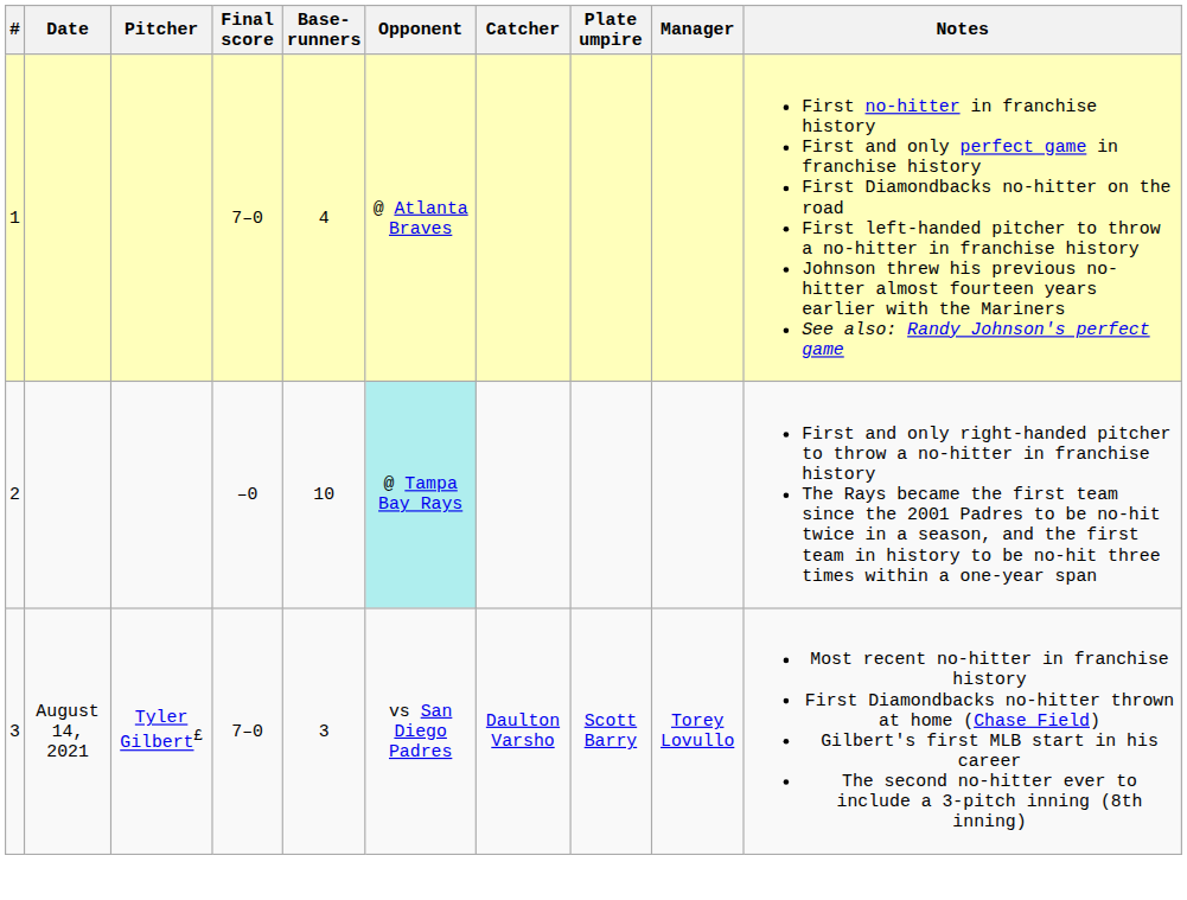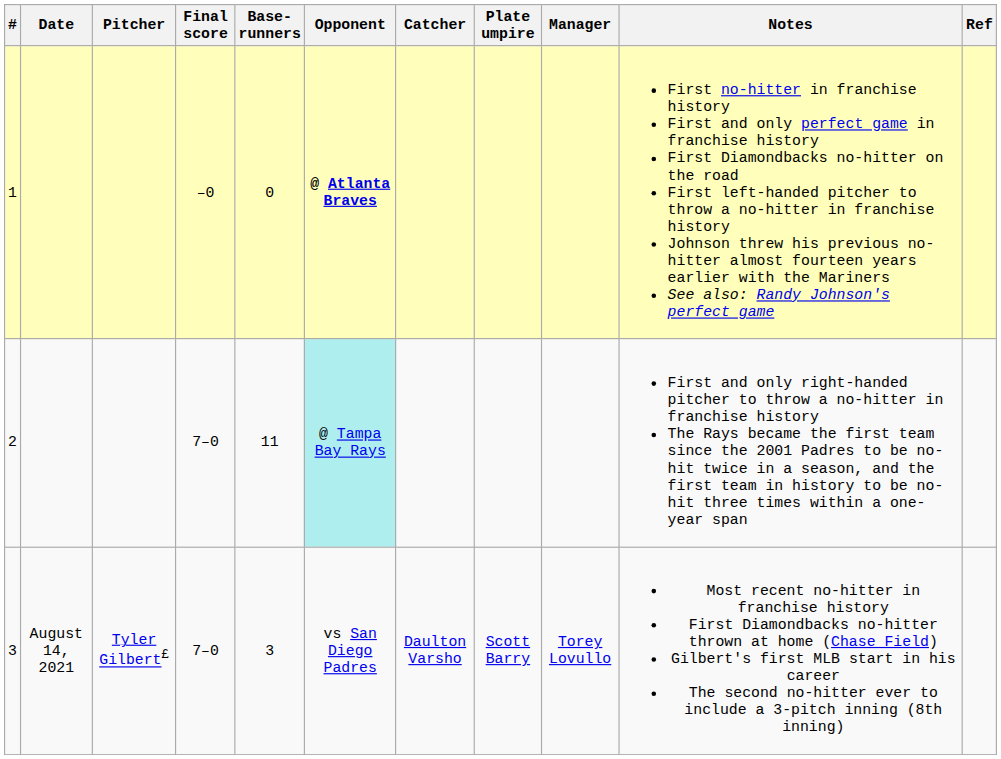 <table class="wikitable sortable" style="text-align:center" border="1">
 <tr>
 <th>#</th>
 <th>Date</th>
 <th>Pitcher</th>
 <th>Final score</th>
 <th>Base-<br>runners</th>
 <th>Opponent</th>
 <th>Catcher</th>
 <th>Plate umpire</th>
 <th>Manager</th>
 <th class="unsortable">Notes</th>
+<th class="unsortable">Ref</th>
 </tr>
 <tr bgcolor="ffffbb">
 <td>1</td>
 <td></td>
 <td></td>
-<td>7–0</td>
-<td>4</td>
-<td>@ <a href='#'>Atlanta Braves</a></td>
+<td>–0</td>
+<td>0</td>
+<td><strong>@ <a href='#'>Atlanta Braves</a></strong></td>
 <td></td>
 <td></td>
 <td></td>
 <td align="left"><br><ul><li>First <a href='#'>no-hitter</a> in franchise history</li><li>First and only <a href='#'>perfect game</a> in franchise history</li><li>First Diamondbacks no-hitter on the road</li><li>First left-handed pitcher to throw a no-hitter in franchise history</li><li>Johnson threw his previous no-hitter almost fourteen years earlier with the Mariners</li><li><em>See also: <a href='#'>Randy Johnson's perfect game</a></em></li></ul></td>
+<td></td>
 </tr>
 <tr>
 <td>2</td>
 <td></td>
 <td></td>
-<td>–0</td>
-<td>10</td>
+<td>7–0</td>
+<td>11</td>
 <td style="background: paleturquoise;">@ <a href='#'>Tampa Bay Rays</a></td>
 <td></td>
 <td></td>
 <td></td>
 <td align="left"><br><ul><li>First and only right-handed pitcher to throw a no-hitter in franchise history</li><li>The Rays became the first team since the 2001 Padres to be no-hit twice in a season, and the first team in history to be no-hit three times within a one-year span</li></ul></td>
+<td></td>
 </tr>
 <tr>
 <td>3</td>
 <td>August 14, 2021</td>
 <td><a href='#'>Tyler Gilbert</a><sup>£</sup></td>
 <td>7–0</td>
 <td>3</td>
 <td>vs <a href='#'>San Diego Padres</a></td>
 <td><a href='#'>Daulton Varsho</a></td>
 <td><a href='#'>Scott Barry</a></td>
 <td><a href='#'>Torey Lovullo</a></td>
 <td><br><ul><li>Most recent no-hitter in franchise history</li><li>First Diamondbacks no-hitter thrown at home (<a href='#'>Chase Field</a>)</li><li>Gilbert's first MLB start in his career</li><li>The second no-hitter ever to include a 3-pitch inning (8th inning)</li></ul></td>
+<td></td>
 </tr>
 </table>
